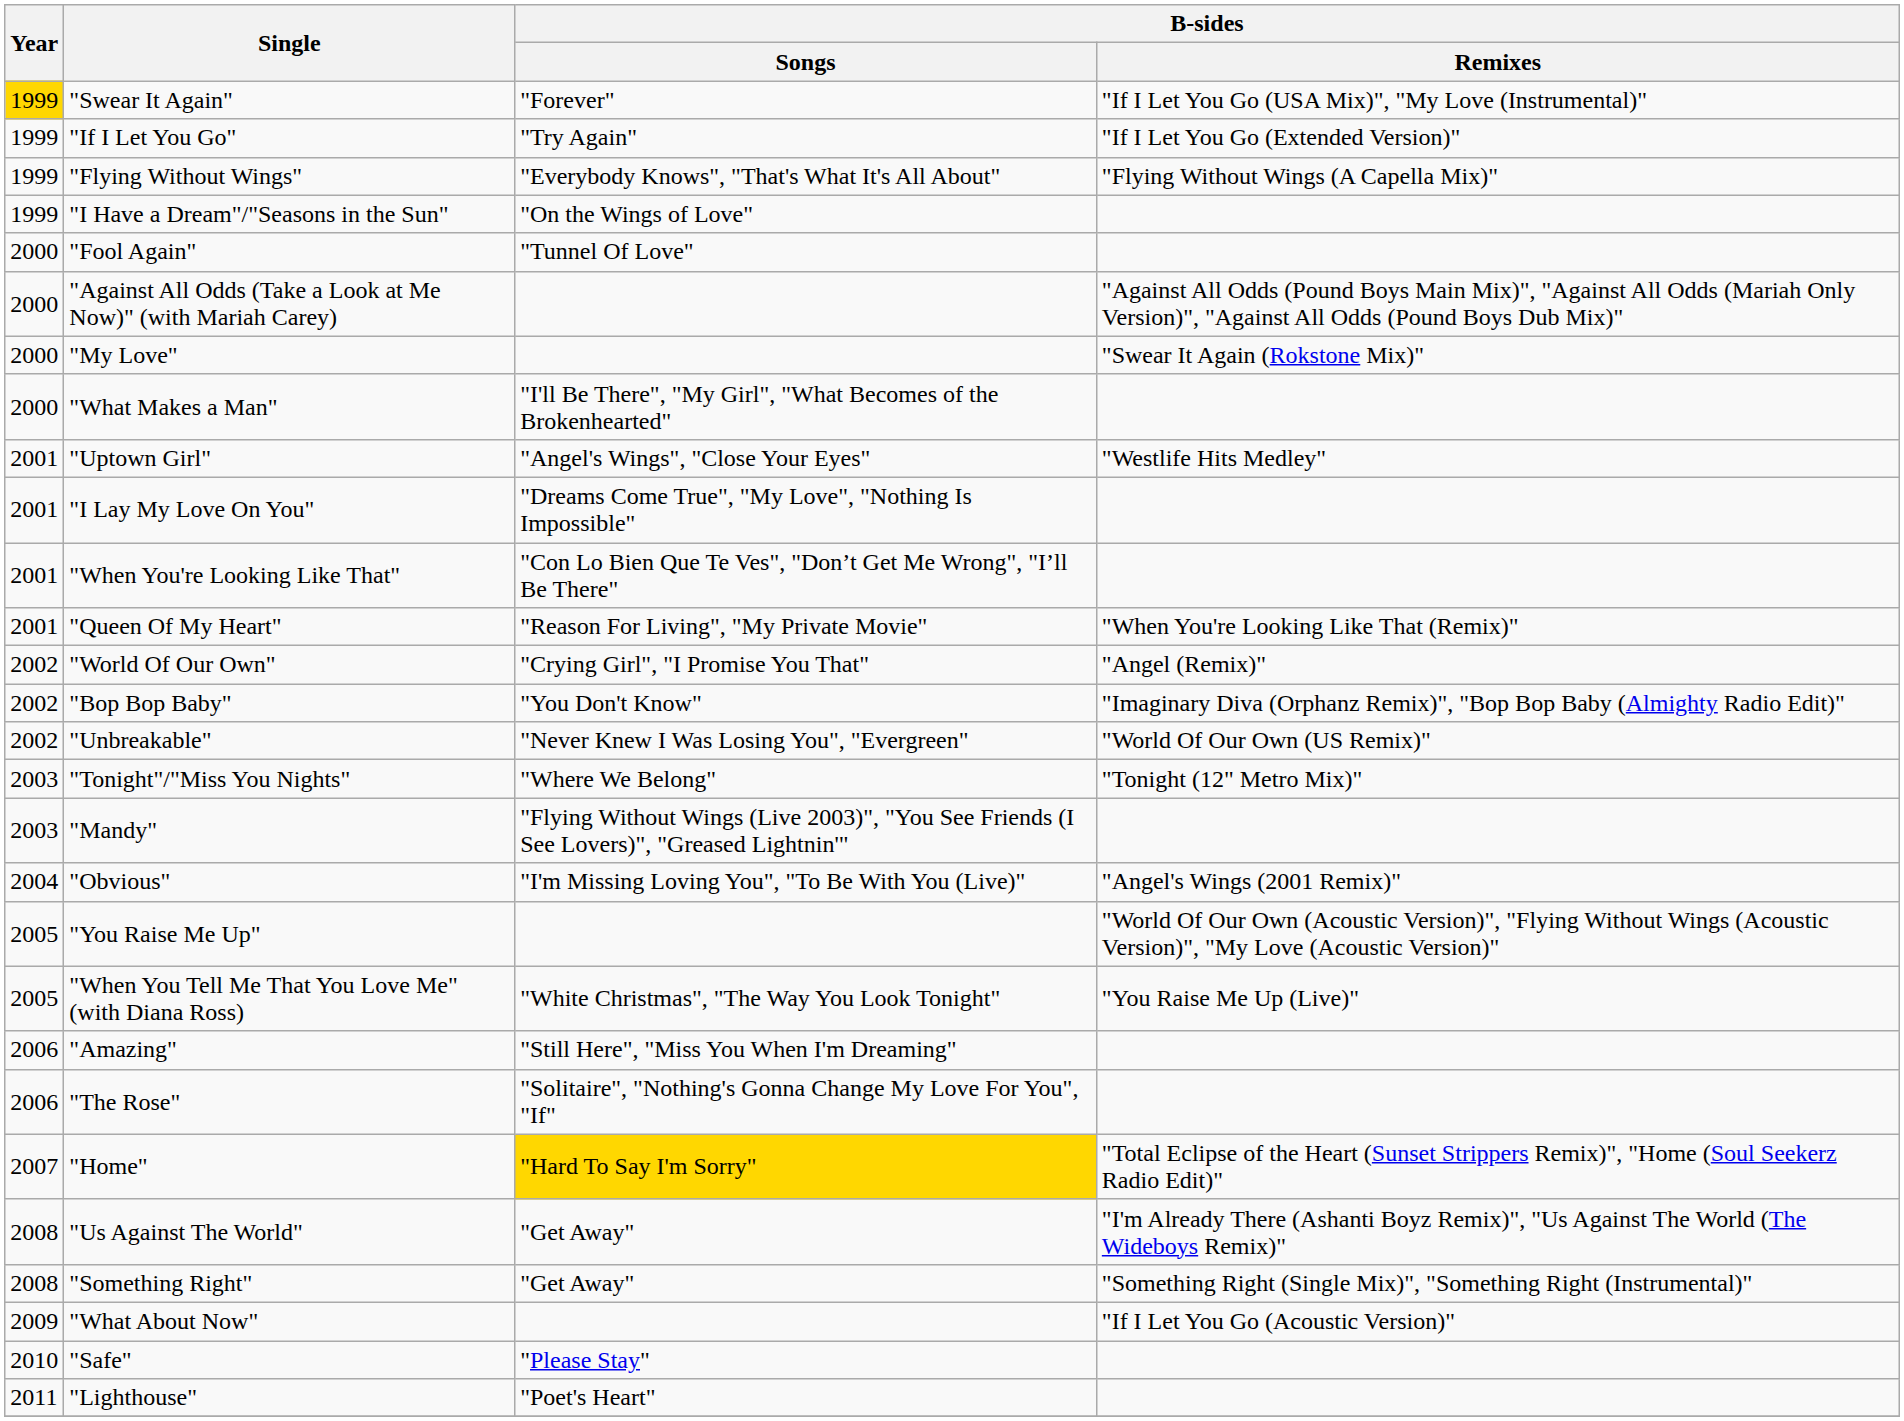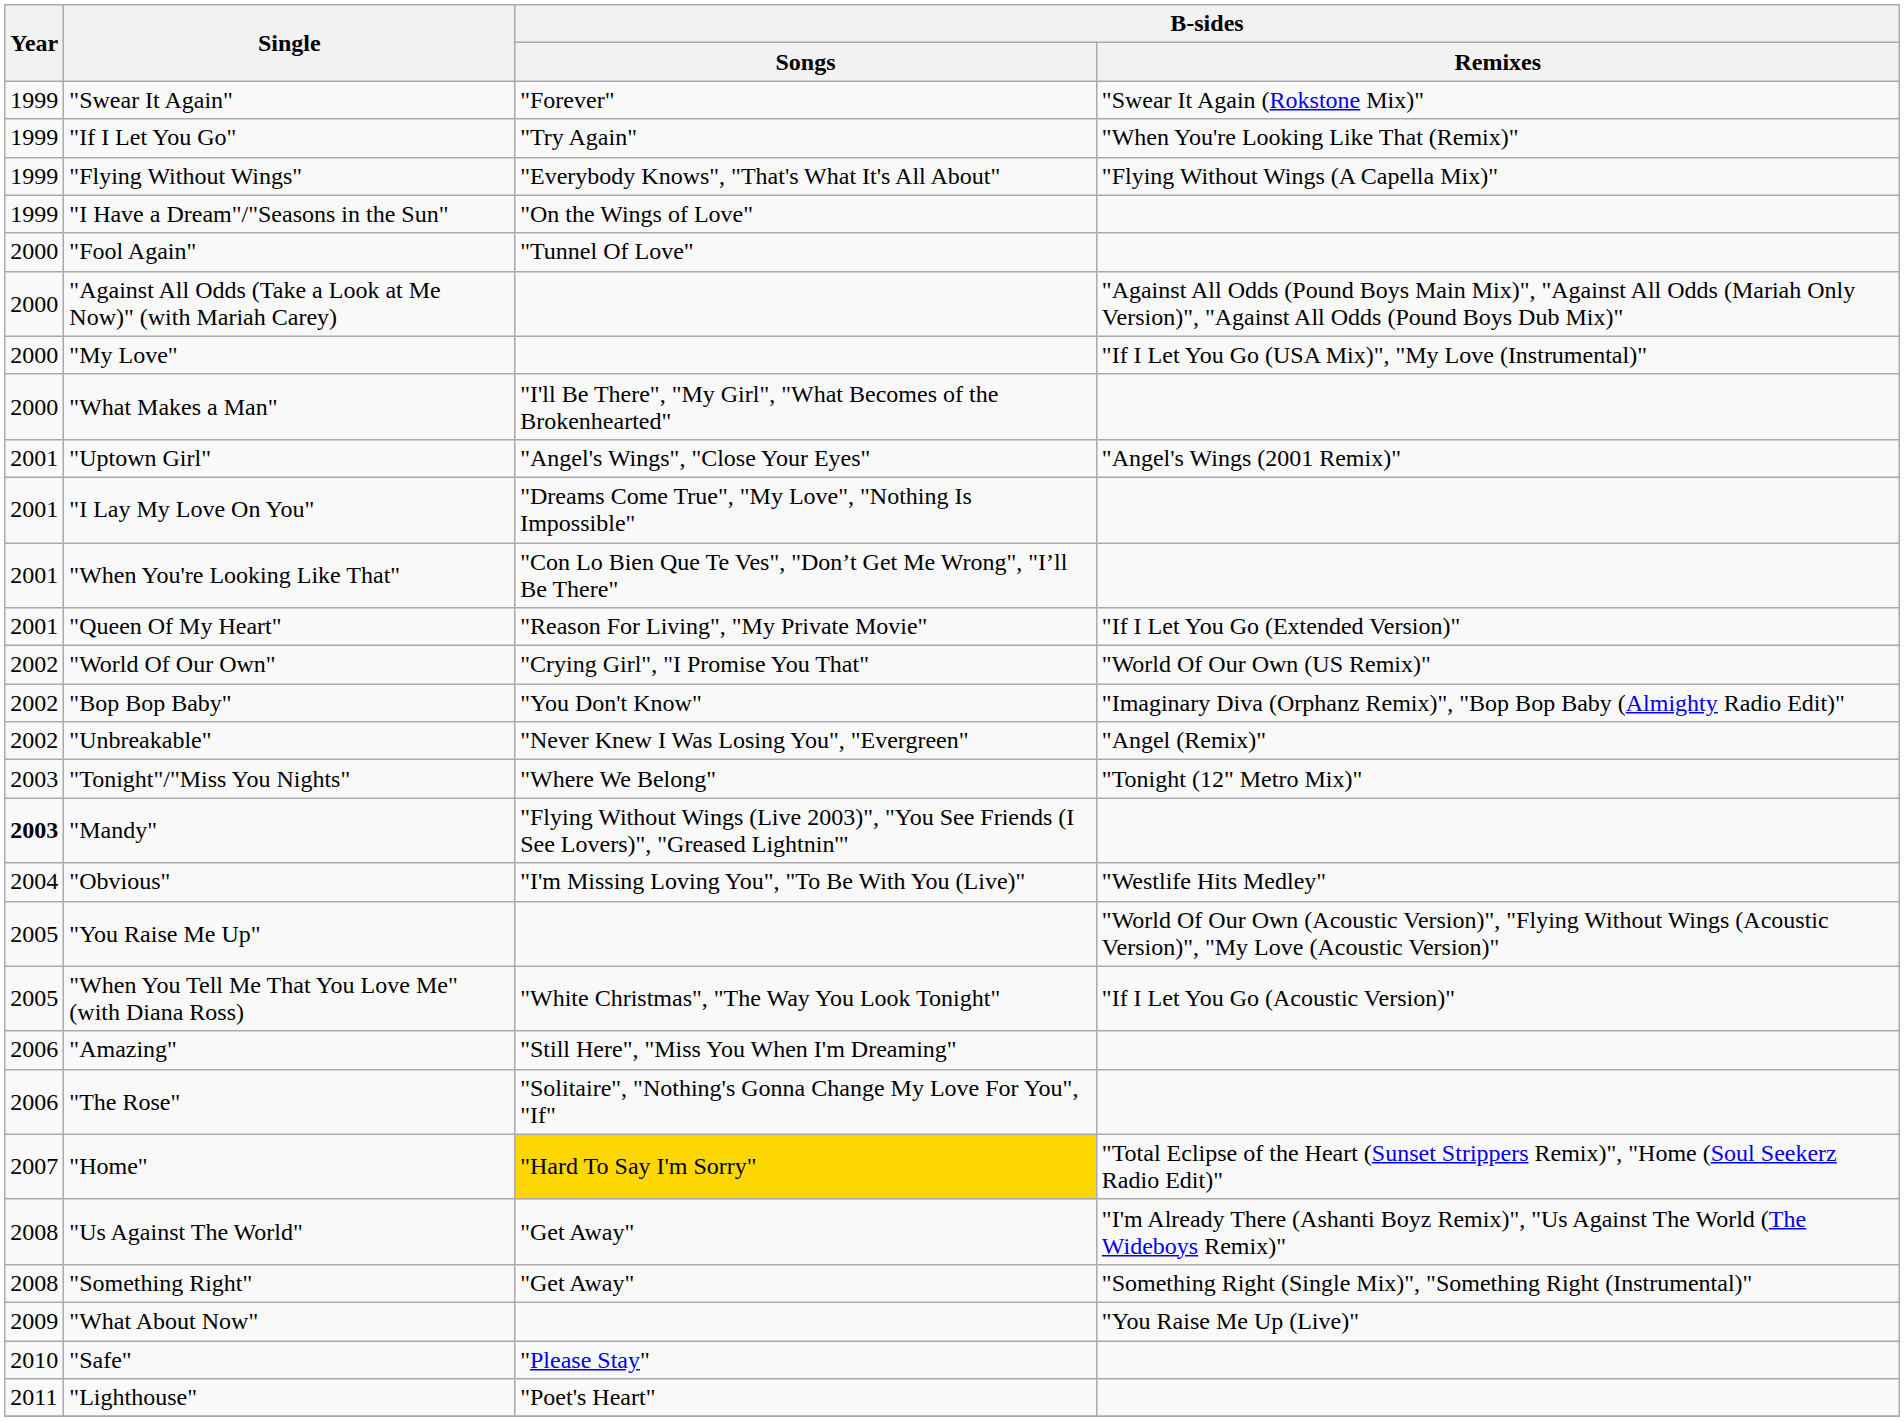 <table class="wikitable" width="100%">
 <tr>
 <th rowspan="2">Year</th>
 <th rowspan="2">Single</th>
 <th colspan="2">B-sides</th>
 </tr>
 <tr>
 <th>Songs</th>
 <th>Remixes</th>
 </tr>
 <tr>
-<td style="background: gold;">1999</td>
+<td>1999</td>
 <td>"Swear It Again"</td>
 <td>"Forever"</td>
-<td>"If I Let You Go (USA Mix)", "My Love (Instrumental)"</td>
+<td>"Swear It Again (<a href='#'>Rokstone</a> Mix)"</td>
 </tr>
 <tr>
 <td>1999</td>
 <td>"If I Let You Go"</td>
 <td>"Try Again"</td>
-<td>"If I Let You Go (Extended Version)"</td>
+<td>"When You're Looking Like That (Remix)"</td>
 </tr>
 <tr>
 <td>1999</td>
 <td>"Flying Without Wings"</td>
 <td>"Everybody Knows", "That's What It's All About"</td>
 <td>"Flying Without Wings (A Capella Mix)"</td>
 </tr>
 <tr>
 <td>1999</td>
 <td>"I Have a Dream"/"Seasons in the Sun"</td>
 <td>"On the Wings of Love"</td>
 <td></td>
 </tr>
 <tr>
 <td>2000</td>
 <td>"Fool Again"</td>
 <td>"Tunnel Of Love"</td>
 <td></td>
 </tr>
 <tr>
 <td>2000</td>
 <td>"Against All Odds (Take a Look at Me Now)" (with Mariah Carey)</td>
 <td></td>
 <td>"Against All Odds (Pound Boys Main Mix)", "Against All Odds (Mariah Only Version)", "Against All Odds (Pound Boys Dub Mix)"</td>
 </tr>
 <tr>
 <td>2000</td>
 <td>"My Love"</td>
 <td></td>
-<td>"Swear It Again (<a href='#'>Rokstone</a> Mix)"</td>
+<td>"If I Let You Go (USA Mix)", "My Love (Instrumental)"</td>
 </tr>
 <tr>
 <td>2000</td>
 <td>"What Makes a Man"</td>
 <td>"I'll Be There", "My Girl", "What Becomes of the Brokenhearted"</td>
 <td></td>
 </tr>
 <tr>
 <td>2001</td>
 <td>"Uptown Girl"</td>
 <td>"Angel's Wings", "Close Your Eyes"</td>
-<td>"Westlife Hits Medley"</td>
+<td>"Angel's Wings (2001 Remix)"</td>
 </tr>
 <tr>
 <td>2001</td>
 <td>"I Lay My Love On You"</td>
 <td>"Dreams Come True", "My Love", "Nothing Is Impossible"</td>
 <td></td>
 </tr>
 <tr>
 <td>2001</td>
 <td>"When You're Looking Like That"</td>
 <td>"Con Lo Bien Que Te Ves", "Don’t Get Me Wrong", "I’ll Be There"</td>
 <td></td>
 </tr>
 <tr>
 <td>2001</td>
 <td>"Queen Of My Heart"</td>
 <td>"Reason For Living", "My Private Movie"</td>
-<td>"When You're Looking Like That (Remix)"</td>
+<td>"If I Let You Go (Extended Version)"</td>
 </tr>
 <tr>
 <td>2002</td>
 <td>"World Of Our Own"</td>
 <td>"Crying Girl", "I Promise You That"</td>
-<td>"Angel (Remix)"</td>
+<td>"World Of Our Own (US Remix)"</td>
 </tr>
 <tr>
 <td>2002</td>
 <td>"Bop Bop Baby"</td>
 <td>"You Don't Know"</td>
 <td>"Imaginary Diva (Orphanz Remix)", "Bop Bop Baby (<a href='#'>Almighty</a> Radio Edit)"</td>
 </tr>
 <tr>
 <td>2002</td>
 <td>"Unbreakable"</td>
 <td>"Never Knew I Was Losing You", "Evergreen"</td>
-<td>"World Of Our Own (US Remix)"</td>
+<td>"Angel (Remix)"</td>
 </tr>
 <tr>
 <td>2003</td>
 <td>"Tonight"/"Miss You Nights"</td>
 <td>"Where We Belong"</td>
 <td>"Tonight (12" Metro Mix)"</td>
 </tr>
 <tr>
-<td>2003</td>
+<td><strong>2003</strong></td>
 <td>"Mandy"</td>
 <td>"Flying Without Wings (Live 2003)", "You See Friends (I See Lovers)", "Greased Lightnin'"</td>
 <td></td>
 </tr>
 <tr>
 <td>2004</td>
 <td>"Obvious"</td>
 <td>"I'm Missing Loving You", "To Be With You (Live)"</td>
-<td>"Angel's Wings (2001 Remix)"</td>
+<td>"Westlife Hits Medley"</td>
 </tr>
 <tr>
 <td>2005</td>
 <td>"You Raise Me Up"</td>
 <td></td>
 <td>"World Of Our Own (Acoustic Version)", "Flying Without Wings (Acoustic Version)", "My Love (Acoustic Version)"</td>
 </tr>
 <tr>
 <td>2005</td>
 <td>"When You Tell Me That You Love Me" (with Diana Ross)</td>
 <td>"White Christmas", "The Way You Look Tonight"</td>
-<td>"You Raise Me Up (Live)"</td>
+<td>"If I Let You Go (Acoustic Version)"</td>
 </tr>
 <tr>
 <td>2006</td>
 <td>"Amazing"</td>
 <td>"Still Here", "Miss You When I'm Dreaming"</td>
 <td></td>
 </tr>
 <tr>
 <td>2006</td>
 <td>"The Rose"</td>
 <td>"Solitaire", "Nothing's Gonna Change My Love For You", "If"</td>
 <td></td>
 </tr>
 <tr>
 <td>2007</td>
 <td>"Home"</td>
 <td style="background: gold;">"Hard To Say I'm Sorry"</td>
 <td>"Total Eclipse of the Heart (<a href='#'>Sunset Strippers</a> Remix)", "Home (<a href='#'>Soul Seekerz</a> Radio Edit)"</td>
 </tr>
 <tr>
 <td>2008</td>
 <td>"Us Against The World"</td>
 <td>"Get Away"</td>
 <td>"I'm Already There (Ashanti Boyz Remix)", "Us Against The World (<a href='#'>The Wideboys</a> Remix)"</td>
 </tr>
 <tr>
 <td>2008</td>
 <td>"Something Right"</td>
 <td>"Get Away"</td>
 <td>"Something Right (Single Mix)", "Something Right (Instrumental)"</td>
 </tr>
 <tr>
 <td>2009</td>
 <td>"What About Now"</td>
 <td></td>
-<td>"If I Let You Go (Acoustic Version)"</td>
+<td>"You Raise Me Up (Live)"</td>
 </tr>
 <tr>
 <td>2010</td>
 <td>"Safe"</td>
 <td>"<a href='#'>Please Stay</a>"</td>
 <td></td>
 </tr>
 <tr>
 <td>2011</td>
 <td>"Lighthouse"</td>
 <td>"Poet's Heart"</td>
 <td></td>
 </tr>
 <tr>
 </tr>
 </table>
